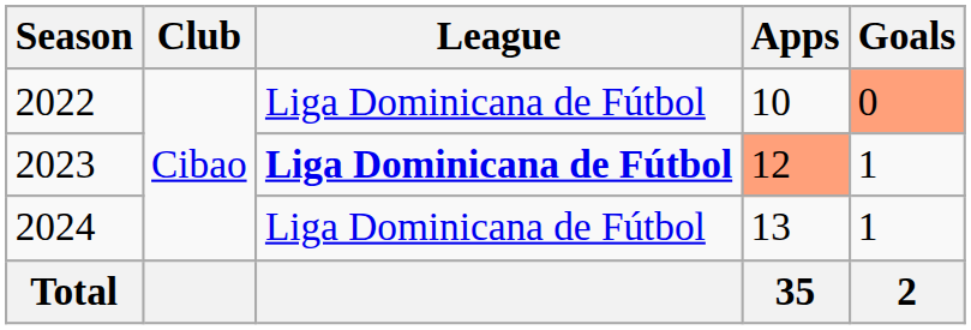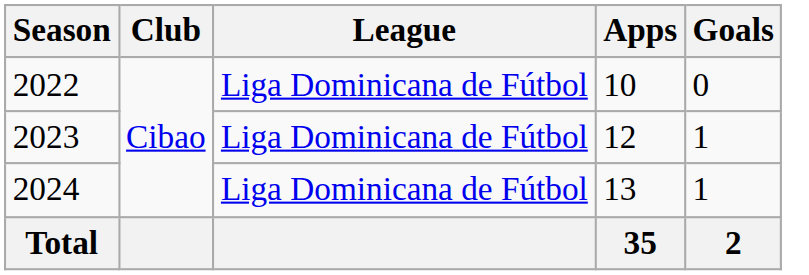 <table class="wikitable">
 <tr>
 <th>Season</th>
 <th>Club</th>
 <th>League</th>
 <th>Apps</th>
 <th>Goals</th>
 </tr>
 <tr>
 <td>2022</td>
 <td rowspan="3"><a href='#'>Cibao</a></td>
 <td><a href='#'>Liga Dominicana de Fútbol</a></td>
 <td>10</td>
-<td style="background: lightsalmon;">0</td>
+<td>0</td>
 </tr>
 <tr>
 <td>2023</td>
-<td><strong><a href='#'>Liga Dominicana de Fútbol</a></strong></td>
-<td style="background: lightsalmon;">12</td>
+<td><a href='#'>Liga Dominicana de Fútbol</a></td>
+<td>12</td>
 <td>1</td>
 </tr>
 <tr>
 <td>2024</td>
 <td><a href='#'>Liga Dominicana de Fútbol</a></td>
 <td>13</td>
 <td>1</td>
 </tr>
 <tr>
 <th>Total</th>
 <th></th>
 <th></th>
 <th>35</th>
 <th>2</th>
 </tr>
 </table>
